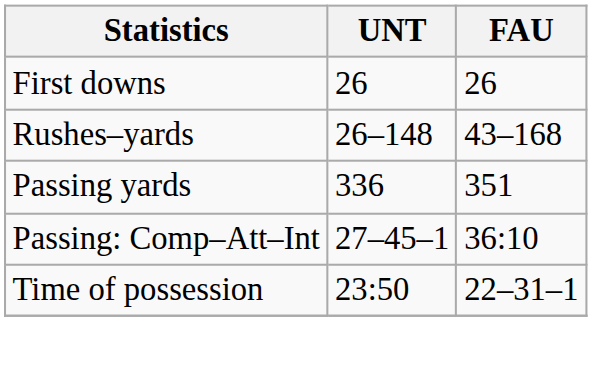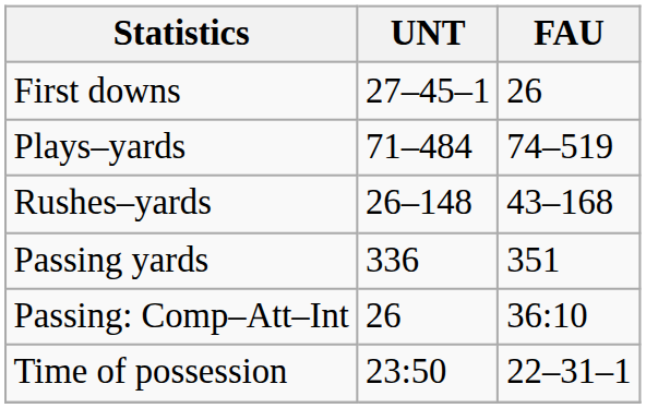 <table class="wikitable" style="float: left;">
 <tr>
 <th>Statistics</th>
 <th>UNT</th>
 <th>FAU</th>
 </tr>
 <tr>
 <td>First downs</td>
+<td>27–45–1</td>
 <td>26</td>
-<td>26</td>
+</tr>
+<tr>
+<td>Plays–yards</td>
+<td>71–484</td>
+<td>74–519</td>
 </tr>
 <tr>
 <td>Rushes–yards</td>
 <td>26–148</td>
 <td>43–168</td>
 </tr>
 <tr>
 <td>Passing yards</td>
 <td>336</td>
 <td>351</td>
 </tr>
 <tr>
 <td>Passing: Comp–Att–Int</td>
-<td>27–45–1</td>
+<td>26</td>
 <td>36:10</td>
 </tr>
 <tr>
 <td>Time of possession</td>
 <td>23:50</td>
 <td>22–31–1</td>
 </tr>
 <tr>
 </tr>
 </table>
